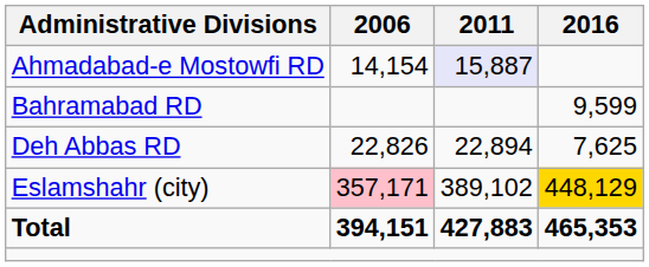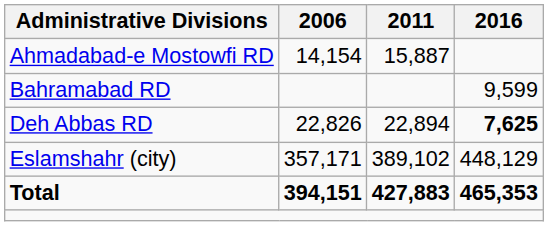 <table class="wikitable">
 <tr>
 <th>Administrative Divisions</th>
 <th>2006</th>
 <th>2011</th>
 <th>2016</th>
 </tr>
 <tr>
 <td><a href='#'>Ahmadabad-e Mostowfi RD</a></td>
 <td style="text-align: right;">14,154</td>
-<td style="background: lavender; text-align: right;">15,887</td>
+<td style="text-align: right;">15,887</td>
 <td style="text-align: right;"></td>
 </tr>
 <tr>
 <td><a href='#'>Bahramabad RD</a></td>
 <td style="text-align: right;"></td>
 <td style="text-align: right;"></td>
 <td style="text-align: right;">9,599</td>
 </tr>
 <tr>
 <td><a href='#'>Deh Abbas RD</a></td>
 <td style="text-align: right;">22,826</td>
 <td style="text-align: right;">22,894</td>
-<td style="text-align: right;">7,625</td>
+<td style="text-align: right;"><strong>7,625</strong></td>
 </tr>
 <tr>
 <td><a href='#'>Eslamshahr</a> (city)</td>
-<td style="background: pink; text-align: right;">357,171</td>
+<td style="text-align: right;">357,171</td>
 <td style="text-align: right;">389,102</td>
-<td style="background: gold; text-align: right;">448,129</td>
+<td style="text-align: right;">448,129</td>
 </tr>
 <tr>
 <td><strong>Total</strong></td>
 <td style="text-align: right;"><strong>394,151</strong></td>
 <td style="text-align: right;"><strong>427,883</strong></td>
 <td style="text-align: right;"><strong>465,353</strong></td>
 </tr>
 <tr>
 <td colspan=4></td>
 </tr>
 </table>
